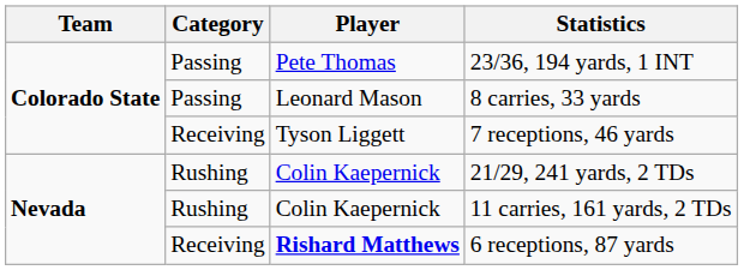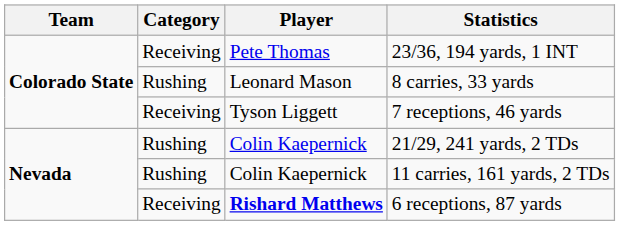 <table class="wikitable" style="float: left;">
 <tr>
 <th>Team</th>
 <th>Category</th>
 <th>Player</th>
 <th>Statistics</th>
 </tr>
 <tr>
 <td rowspan=3><strong>Colorado State</strong></td>
-<td>Passing</td>
+<td>Receiving</td>
 <td><a href='#'>Pete Thomas</a></td>
 <td>23/36, 194 yards, 1 INT</td>
 </tr>
 <tr>
-<td>Passing</td>
+<td>Rushing</td>
 <td>Leonard Mason</td>
 <td>8 carries, 33 yards</td>
 </tr>
 <tr>
 <td>Receiving</td>
 <td>Tyson Liggett</td>
 <td>7 receptions, 46 yards</td>
 </tr>
 <tr>
 <td rowspan=3><strong>Nevada</strong></td>
 <td>Rushing</td>
 <td><a href='#'>Colin Kaepernick</a></td>
 <td>21/29, 241 yards, 2 TDs</td>
 </tr>
 <tr>
 <td>Rushing</td>
 <td>Colin Kaepernick</td>
 <td>11 carries, 161 yards, 2 TDs</td>
 </tr>
 <tr>
 <td>Receiving</td>
 <td><strong><a href='#'>Rishard Matthews</a></strong></td>
 <td>6 receptions, 87 yards</td>
 </tr>
 </table>
